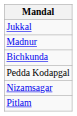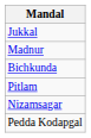 <table class="wikitable sortable static-row-numbers static-row-header-hash">
 <tr>
 <th>Mandal</th>
 </tr>
 <tr>
 <td><a href='#'>Jukkal</a></td>
 </tr>
 <tr>
 <td><a href='#'>Madnur</a></td>
 </tr>
 <tr>
 <td><a href='#'>Bichkunda</a></td>
 </tr>
 <tr>
-<td>Pedda Kodapgal</td>
+<td><a href='#'>Pitlam</a></td>
 </tr>
 <tr>
 <td><a href='#'>Nizamsagar</a></td>
 </tr>
 <tr>
-<td><a href='#'>Pitlam</a></td>
+<td>Pedda Kodapgal</td>
 </tr>
 </table>
